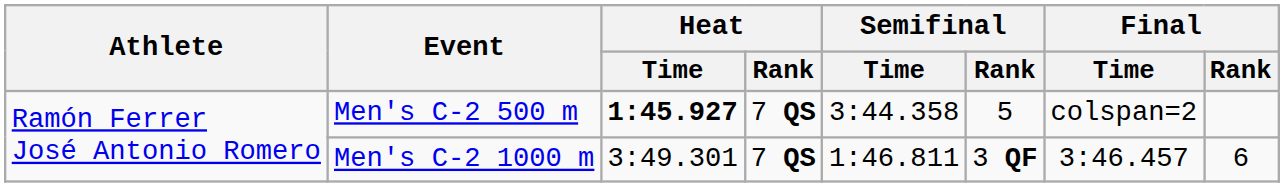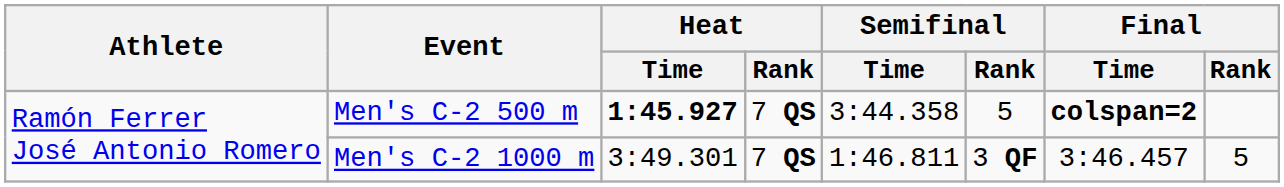 <table class=wikitable style=font-size:90%;text-align:center>
 <tr>
 <th rowspan=2>Athlete</th>
 <th rowspan=2>Event</th>
 <th colspan=2>Heat</th>
 <th colspan=2>Semifinal</th>
 <th colspan=2>Final</th>
 </tr>
 <tr style=font-size:95%>
 <th>Time</th>
 <th>Rank</th>
 <th>Time</th>
 <th>Rank</th>
 <th>Time</th>
 <th>Rank</th>
 </tr>
 <tr>
 <td align=left rowspan=2><a href='#'>Ramón Ferrer</a><br><a href='#'>José Antonio Romero</a></td>
 <td align=left><a href='#'>Men's C-2 500 m</a></td>
 <td><strong>1:45.927</strong></td>
 <td>7 <strong>QS</strong></td>
 <td>3:44.358</td>
 <td>5</td>
-<td>colspan=2 </td>
+<td><strong>colspan=2 </strong></td>
 </tr>
 <tr>
 <td align=left><a href='#'>Men's C-2 1000 m</a></td>
 <td>3:49.301</td>
 <td>7 <strong>QS</strong></td>
 <td>1:46.811</td>
 <td>3 <strong>QF</strong></td>
 <td>3:46.457</td>
-<td>6</td>
+<td>5</td>
 </tr>
 </table>
